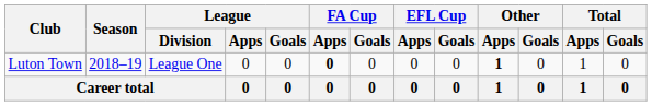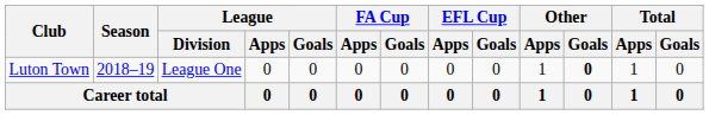 <table class=wikitable style=text-align:center>
 <tr>
 <th rowspan=2>Club</th>
 <th rowspan=2>Season</th>
 <th colspan=3>League</th>
 <th colspan=2><a href='#'>FA Cup</a></th>
 <th colspan=2><a href='#'>EFL Cup</a></th>
 <th colspan=2>Other</th>
 <th colspan=2>Total</th>
 </tr>
 <tr>
 <th>Division</th>
 <th>Apps</th>
 <th>Goals</th>
 <th>Apps</th>
 <th>Goals</th>
 <th>Apps</th>
 <th>Goals</th>
 <th>Apps</th>
 <th>Goals</th>
 <th>Apps</th>
 <th>Goals</th>
 </tr>
 <tr>
 <td><a href='#'>Luton Town</a></td>
 <td><a href='#'>2018–19</a></td>
 <td><a href='#'>League One</a></td>
 <td>0</td>
 <td>0</td>
-<td><strong>0</strong></td>
 <td>0</td>
 <td>0</td>
 <td>0</td>
-<td><strong>1</strong></td>
 <td>0</td>
+<td>1</td>
+<td><strong>0</strong></td>
 <td>1</td>
 <td>0</td>
 </tr>
 <tr>
 <th colspan=3>Career total</th>
 <th>0</th>
 <th>0</th>
 <th>0</th>
 <th>0</th>
 <th>0</th>
 <th>0</th>
 <th>1</th>
 <th>0</th>
 <th>1</th>
 <th>0</th>
 </tr>
 </table>
